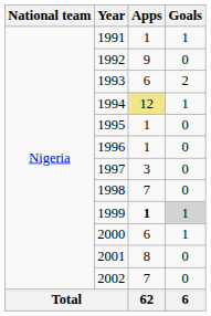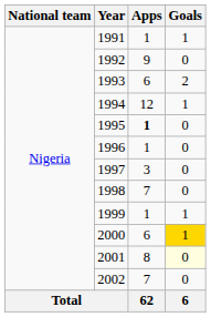 <table class="wikitable" style="text-align:center">
 <tr>
 <th>National team</th>
 <th>Year</th>
 <th>Apps</th>
 <th>Goals</th>
 </tr>
 <tr>
 <td rowspan="12"><a href='#'>Nigeria</a></td>
 <td>1991</td>
 <td>1</td>
 <td>1</td>
 </tr>
 <tr>
 <td>1992</td>
 <td>9</td>
 <td>0</td>
 </tr>
 <tr>
 <td>1993</td>
 <td>6</td>
 <td>2</td>
 </tr>
 <tr>
 <td>1994</td>
-<td style="background: khaki;">12</td>
+<td>12</td>
 <td>1</td>
 </tr>
 <tr>
 <td>1995</td>
-<td>1</td>
+<td><strong>1</strong></td>
 <td>0</td>
 </tr>
 <tr>
 <td>1996</td>
 <td>1</td>
 <td>0</td>
 </tr>
 <tr>
 <td>1997</td>
 <td>3</td>
 <td>0</td>
 </tr>
 <tr>
 <td>1998</td>
 <td>7</td>
 <td>0</td>
 </tr>
 <tr>
 <td>1999</td>
-<td><strong>1</strong></td>
-<td style="background: lightgrey;">1</td>
+<td>1</td>
+<td>1</td>
 </tr>
 <tr>
 <td>2000</td>
 <td>6</td>
-<td>1</td>
+<td style="background: gold;">1</td>
 </tr>
 <tr>
 <td>2001</td>
 <td>8</td>
-<td>0</td>
+<td style="background: lightyellow;">0</td>
 </tr>
 <tr>
 <td>2002</td>
 <td>7</td>
 <td>0</td>
 </tr>
 <tr>
 <th colspan="2">Total</th>
 <th>62</th>
 <th>6</th>
 </tr>
 </table>
